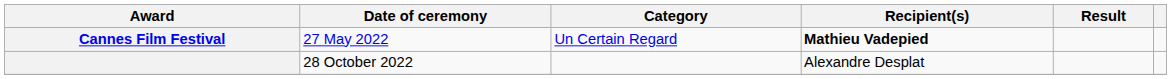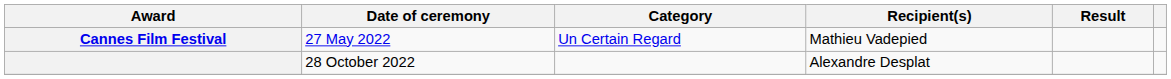 <table class="wikitable sortable plainrowheaders" style="width: 100%;">
 <tr>
 <th scope="col">Award</th>
 <th scope="col">Date of ceremony</th>
 <th scope="col">Category</th>
 <th scope="col">Recipient(s)</th>
 <th scope="col">Result</th>
 <th scope="col" class="unsortable"></th>
 </tr>
 <tr>
 <th scope="row"><a href='#'>Cannes Film Festival</a></th>
 <td><a href='#'>27 May 2022</a></td>
 <td><a href='#'>Un Certain Regard</a></td>
-<td><strong>Mathieu Vadepied</strong></td>
+<td>Mathieu Vadepied</td>
 <td></td>
 <td></td>
 </tr>
 <tr>
 <th scope="row"></th>
 <td>28 October 2022</td>
 <td></td>
 <td>Alexandre Desplat</td>
 <td></td>
 <td></td>
 </tr>
 <tr>
 </tr>
 </table>
